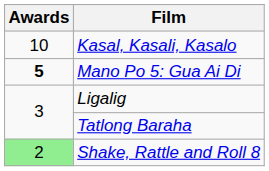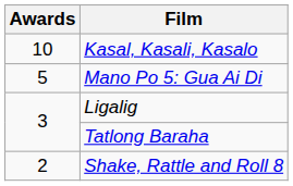 <table class="wikitable" style="text-align:center">
 <tr>
 <th scope="col">Awards</th>
 <th scope="col">Film</th>
 </tr>
 <tr>
 <td>10</td>
 <td align=left><em><a href='#'>Kasal, Kasali, Kasalo</a></em></td>
 </tr>
 <tr>
-<td><strong>5</strong></td>
+<td>5</td>
 <td align=left><em><a href='#'>Mano Po 5: Gua Ai Di</a></em></td>
 </tr>
 <tr>
 <td rowspan=2>3</td>
 <td align=left><em>Ligalig</em></td>
 </tr>
 <tr>
 <td align=left><em><a href='#'>Tatlong Baraha</a></em></td>
 </tr>
 <tr>
-<td style="background: lightgreen;">2</td>
+<td>2</td>
 <td align=left><em><a href='#'>Shake, Rattle and Roll 8</a></em></td>
 </tr>
 </table>
